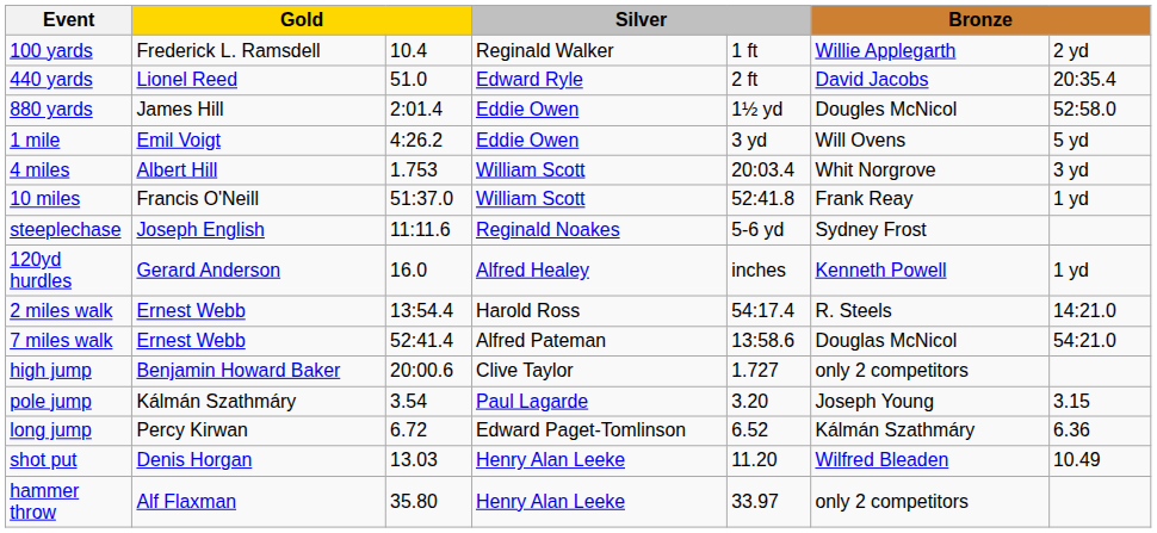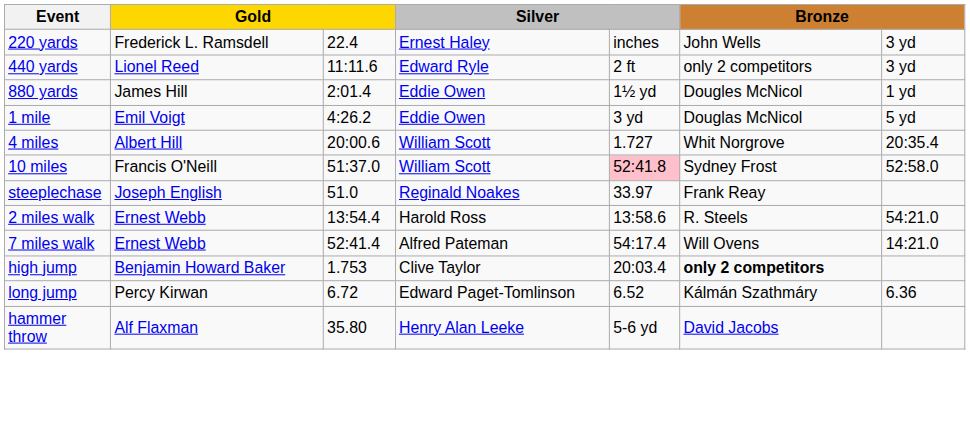 <table class="wikitable" style="text-align:left">
 <tr>
 <th width=100>Event</th>
 <th colspan="2" width="280" style="background:gold;">Gold</th>
 <th colspan="2" width="280" style="background:silver;">Silver</th>
 <th colspan="2" width="280" style="background:#CD7F32;">Bronze</th>
 </tr>
 <tr>
-<td><a href='#'>100 yards</a></td>
+<td><a href='#'>220 yards</a></td>
 <td> Frederick L. Ramsdell</td>
-<td>10.4</td>
-<td> Reginald Walker</td>
-<td>1 ft</td>
-<td><a href='#'>Willie Applegarth</a></td>
-<td>2 yd</td>
+<td>22.4</td>
+<td><a href='#'>Ernest Haley</a></td>
+<td>inches</td>
+<td>John Wells</td>
+<td>3 yd</td>
 </tr>
 <tr>
 <td><a href='#'>440 yards</a></td>
 <td><a href='#'>Lionel Reed</a></td>
-<td>51.0</td>
+<td>11:11.6</td>
 <td><a href='#'>Edward Ryle</a></td>
 <td>2 ft</td>
-<td> <a href='#'>David Jacobs</a></td>
-<td>20:35.4</td>
+<td>only 2 competitors</td>
+<td>3 yd</td>
 </tr>
 <tr>
 <td><a href='#'>880 yards</a></td>
 <td> James Hill</td>
 <td>2:01.4</td>
 <td><a href='#'>Eddie Owen</a></td>
 <td>1½ yd</td>
 <td> Dougles McNicol</td>
-<td>52:58.0</td>
+<td>1 yd</td>
 </tr>
 <tr>
 <td><a href='#'>1 mile</a></td>
 <td><a href='#'>Emil Voigt</a></td>
 <td>4:26.2</td>
 <td><a href='#'>Eddie Owen</a></td>
 <td>3 yd</td>
-<td>Will Ovens</td>
+<td> Douglas McNicol</td>
 <td>5 yd</td>
 </tr>
 <tr>
 <td><a href='#'>4 miles</a></td>
 <td><a href='#'>Albert Hill</a></td>
-<td>1.753</td>
+<td>20:00.6</td>
 <td><a href='#'>William Scott</a></td>
-<td>20:03.4</td>
+<td>1.727</td>
 <td>Whit Norgrove</td>
-<td>3 yd</td>
+<td>20:35.4</td>
 </tr>
 <tr>
 <td><a href='#'>10 miles</a></td>
 <td> Francis O'Neill</td>
 <td>51:37.0</td>
 <td><a href='#'>William Scott</a></td>
-<td>52:41.8</td>
-<td>Frank Reay</td>
-<td>1 yd</td>
+<td style="background: pink;">52:41.8</td>
+<td>Sydney Frost</td>
+<td>52:58.0</td>
 </tr>
 <tr>
 <td><a href='#'>steeplechase</a></td>
 <td><a href='#'>Joseph English</a></td>
-<td>11:11.6</td>
+<td>51.0</td>
 <td><a href='#'>Reginald Noakes</a></td>
-<td>5-6 yd</td>
-<td>Sydney Frost</td>
+<td>33.97</td>
+<td>Frank Reay</td>
 <td></td>
-</tr>
-<tr>
-<td><a href='#'>120yd hurdles</a></td>
-<td><a href='#'>Gerard Anderson</a></td>
-<td>16.0</td>
-<td><a href='#'>Alfred Healey</a></td>
-<td>inches</td>
-<td><a href='#'>Kenneth Powell</a></td>
-<td>1 yd</td>
 </tr>
 <tr>
 <td><a href='#'>2 miles walk</a></td>
 <td><a href='#'>Ernest Webb</a></td>
 <td>13:54.4</td>
 <td>Harold Ross</td>
-<td>54:17.4</td>
+<td>13:58.6</td>
 <td>R. Steels</td>
-<td>14:21.0</td>
+<td>54:21.0</td>
 </tr>
 <tr>
 <td><a href='#'>7 miles walk</a></td>
 <td><a href='#'>Ernest Webb</a></td>
 <td>52:41.4</td>
 <td>Alfred Pateman</td>
-<td>13:58.6</td>
-<td> Douglas McNicol</td>
-<td>54:21.0</td>
+<td>54:17.4</td>
+<td>Will Ovens</td>
+<td>14:21.0</td>
 </tr>
 <tr>
 <td><a href='#'>high jump</a></td>
 <td><a href='#'>Benjamin Howard Baker</a></td>
-<td>20:00.6</td>
+<td>1.753</td>
 <td>Clive Taylor</td>
-<td>1.727</td>
-<td>only 2 competitors</td>
+<td>20:03.4</td>
+<td><strong>only 2 competitors</strong></td>
 <td></td>
-</tr>
-<tr>
-<td><a href='#'>pole jump</a></td>
-<td> Kálmán Szathmáry</td>
-<td>3.54</td>
-<td> <a href='#'>Paul Lagarde</a></td>
-<td>3.20</td>
-<td>Joseph Young</td>
-<td>3.15</td>
 </tr>
 <tr>
 <td><a href='#'>long jump</a></td>
 <td> Percy Kirwan</td>
 <td>6.72</td>
 <td>Edward Paget-Tomlinson</td>
 <td>6.52</td>
 <td> Kálmán Szathmáry</td>
 <td>6.36</td>
 </tr>
 <tr>
-<td><a href='#'>shot put</a></td>
-<td> <a href='#'>Denis Horgan</a></td>
-<td>13.03</td>
-<td><a href='#'>Henry Alan Leeke</a></td>
-<td>11.20</td>
-<td> <a href='#'>Wilfred Bleaden</a></td>
-<td>10.49</td>
-</tr>
-<tr>
 <td><a href='#'>hammer throw</a></td>
 <td><a href='#'>Alf Flaxman</a></td>
 <td>35.80</td>
 <td><a href='#'>Henry Alan Leeke</a></td>
-<td>33.97</td>
-<td>only 2 competitors</td>
+<td>5-6 yd</td>
+<td> <a href='#'>David Jacobs</a></td>
 <td></td>
 </tr>
 </table>
